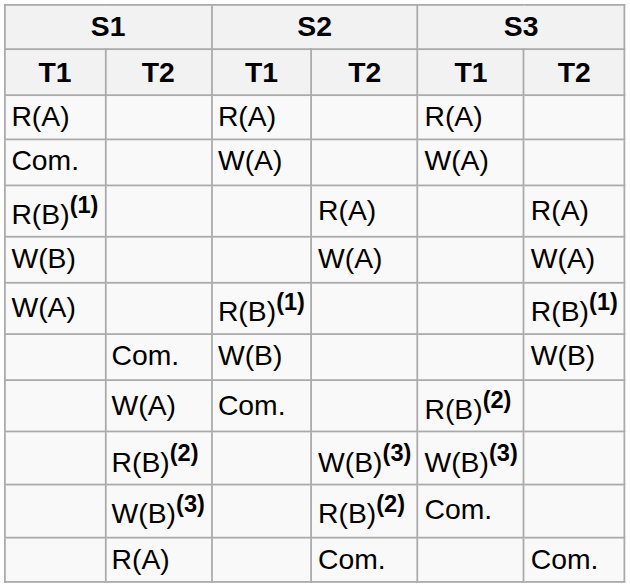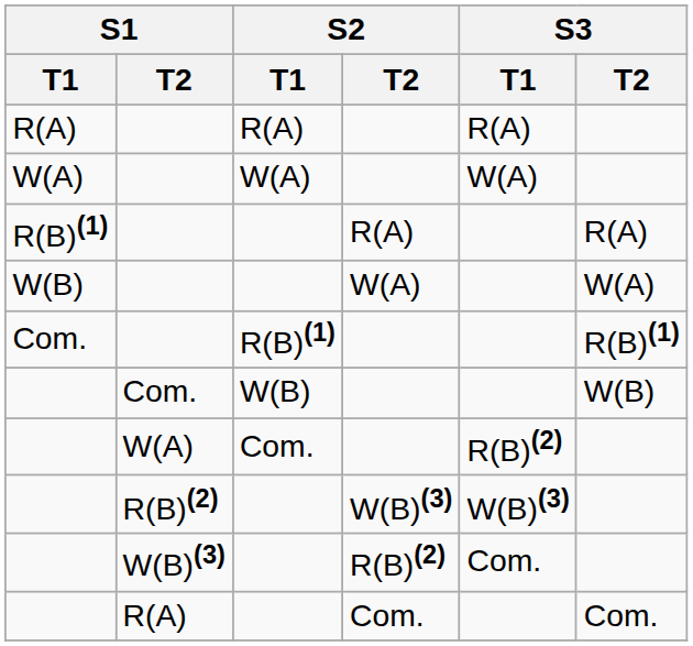 <table class="wikitable">
 <tr>
 <th colspan="2">S1</th>
 <th colspan="2">S2</th>
 <th colspan="2">S3</th>
 </tr>
 <tr>
 <th>T1</th>
 <th>T2</th>
 <th>T1</th>
 <th>T2</th>
 <th>T1</th>
 <th>T2</th>
 </tr>
 <tr>
 <td>R(A)</td>
 <td></td>
 <td>R(A)</td>
 <td></td>
 <td>R(A)</td>
 <td></td>
 </tr>
 <tr>
-<td>Com.</td>
+<td>W(A)</td>
 <td></td>
 <td>W(A)</td>
 <td></td>
 <td>W(A)</td>
 <td></td>
 </tr>
 <tr>
 <td>R(B)<sup><strong>(1)</strong></sup></td>
 <td></td>
 <td></td>
 <td>R(A)</td>
 <td></td>
 <td>R(A)</td>
 </tr>
 <tr>
 <td>W(B)</td>
 <td></td>
 <td></td>
 <td>W(A)</td>
 <td></td>
 <td>W(A)</td>
 </tr>
 <tr>
-<td>W(A)</td>
+<td>Com.</td>
 <td></td>
 <td>R(B)<sup><strong>(1)</strong></sup></td>
 <td></td>
 <td></td>
 <td>R(B)<sup><strong>(1)</strong></sup></td>
 </tr>
 <tr>
 <td></td>
 <td>Com.</td>
 <td>W(B)</td>
 <td></td>
 <td></td>
 <td>W(B)</td>
 </tr>
 <tr>
 <td></td>
 <td>W(A)</td>
 <td>Com.</td>
 <td></td>
 <td>R(B)<sup><strong>(2)</strong></sup></td>
 <td></td>
 </tr>
 <tr>
 <td></td>
 <td>R(B)<sup><strong>(2)</strong></sup></td>
 <td></td>
 <td>W(B)<sup><strong>(3)</strong></sup></td>
 <td>W(B)<sup><strong>(3)</strong></sup></td>
 <td></td>
 </tr>
 <tr>
 <td></td>
 <td>W(B)<sup><strong>(3)</strong></sup></td>
 <td></td>
 <td>R(B)<sup><strong>(2)</strong></sup></td>
 <td>Com.</td>
 <td></td>
 </tr>
 <tr>
 <td></td>
 <td>R(A)</td>
 <td></td>
 <td>Com.</td>
 <td></td>
 <td>Com.</td>
 </tr>
 </table>
